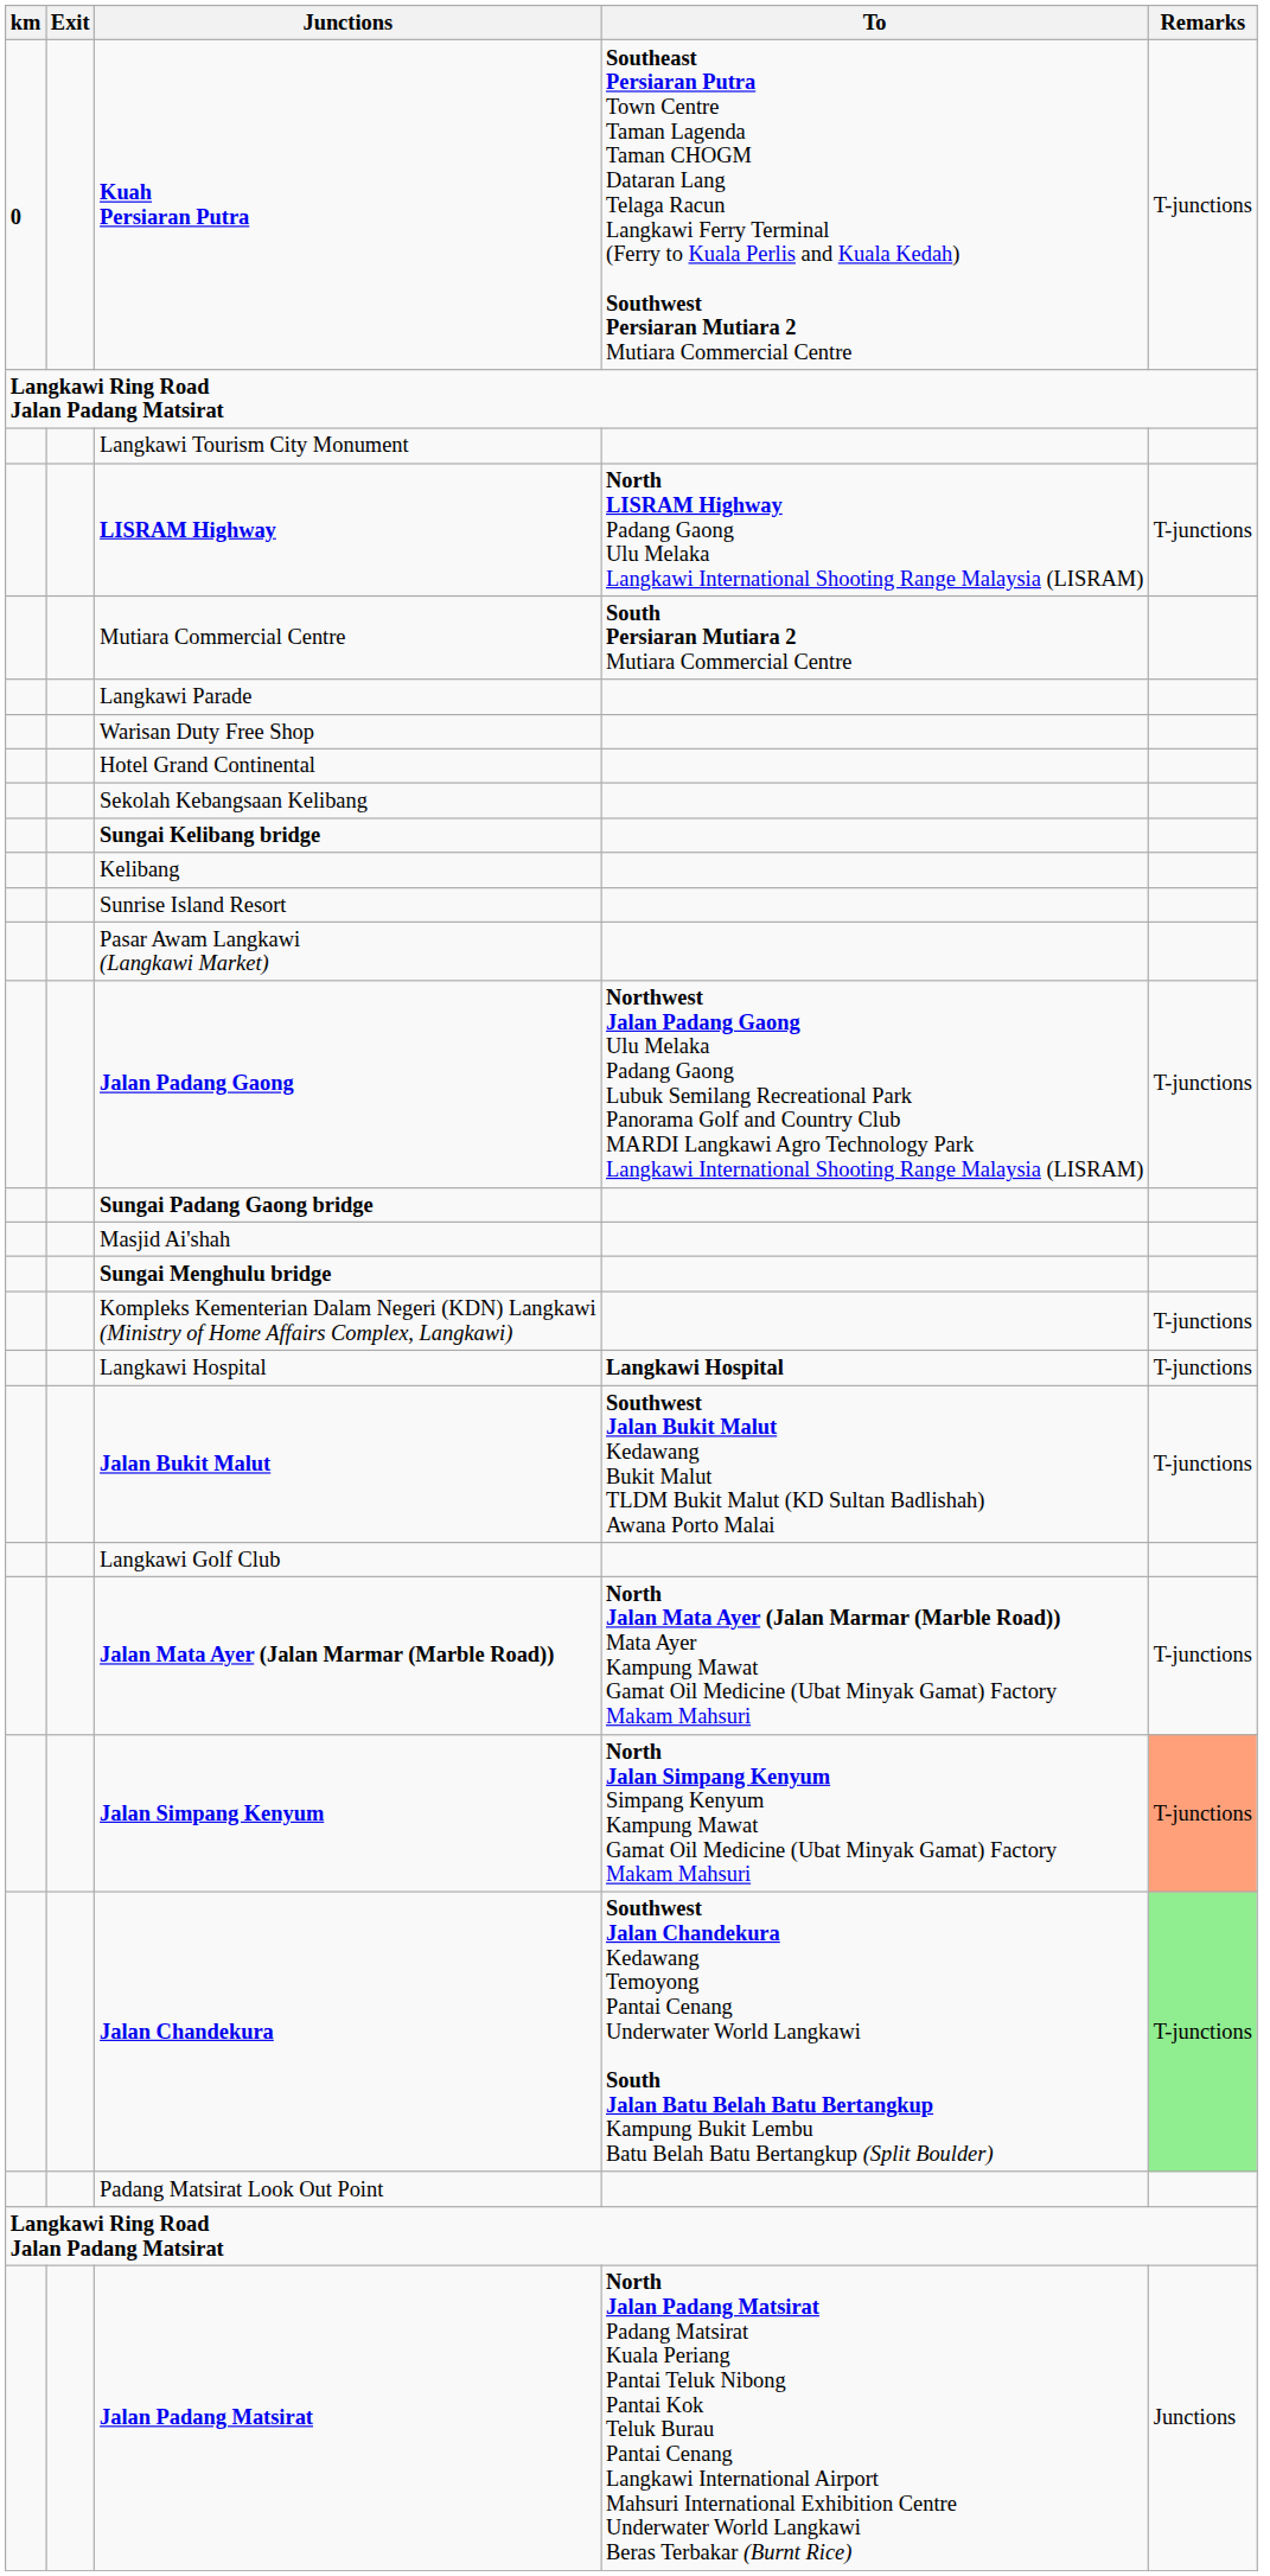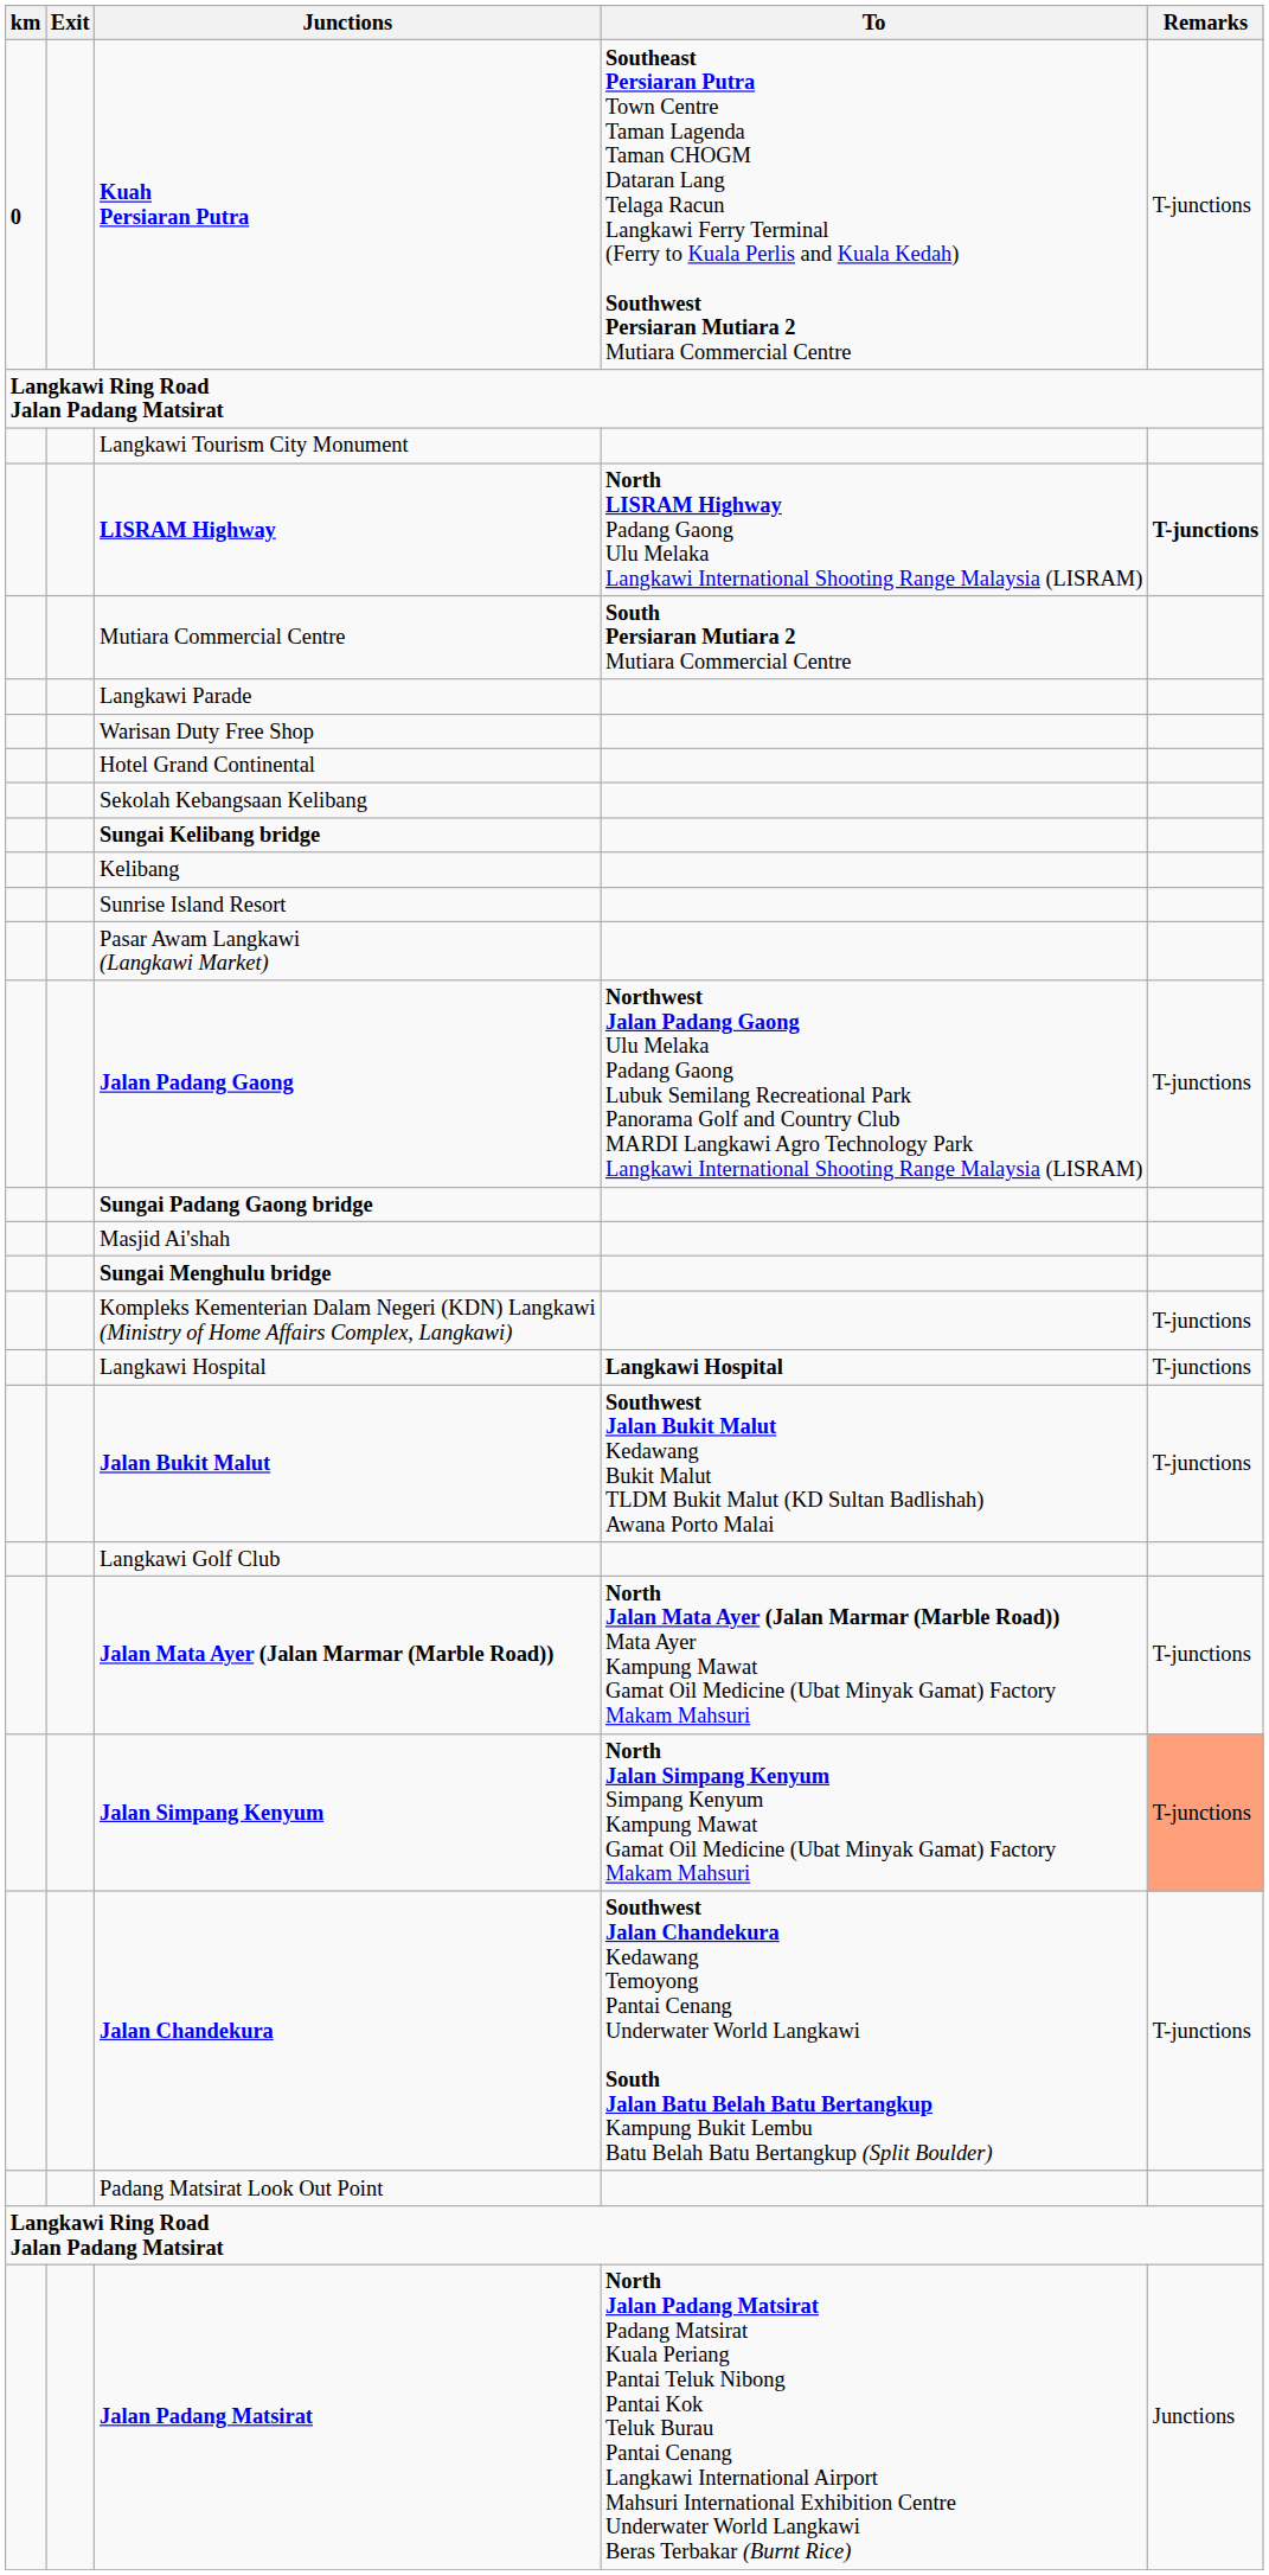 <table class="wikitable">
 <tr>
 <th>km</th>
 <th>Exit</th>
 <th>Junctions</th>
 <th>To</th>
 <th>Remarks</th>
 </tr>
 <tr>
 <td><br><strong>0</strong></td>
 <td></td>
 <td><strong><a href='#'>Kuah</a></strong><br> <strong><a href='#'>Persiaran Putra</a></strong></td>
 <td><strong>Southeast</strong><br> <strong><a href='#'>Persiaran Putra</a></strong><br>Town Centre<br>Taman Lagenda<br>Taman CHOGM<br>Dataran Lang<br>Telaga Racun<br>Langkawi Ferry Terminal <br>(Ferry to <a href='#'>Kuala Perlis</a> and <a href='#'>Kuala Kedah</a>)<br><br><strong>Southwest</strong><br><strong>Persiaran Mutiara 2</strong><br>Mutiara Commercial Centre</td>
 <td>T-junctions</td>
 </tr>
 <tr>
 <td style="width:600px" colspan="6" style="text-align:center; background:blue;"><strong><span> Langkawi Ring Road<br>Jalan Padang Matsirat</span></strong></td>
 </tr>
 <tr>
 <td></td>
 <td></td>
 <td>Langkawi Tourism City Monument</td>
 <td></td>
 <td></td>
 </tr>
 <tr>
 <td></td>
 <td></td>
 <td> <strong><a href='#'>LISRAM Highway</a></strong></td>
 <td><strong>North</strong><br> <strong><a href='#'>LISRAM Highway</a></strong><br>Padang Gaong<br>Ulu Melaka<br><a href='#'>Langkawi International Shooting Range Malaysia</a> (LISRAM)</td>
-<td>T-junctions</td>
+<td><strong>T-junctions</strong></td>
 </tr>
 <tr>
 <td></td>
 <td></td>
 <td>Mutiara Commercial Centre</td>
 <td><strong>South</strong><br><strong>Persiaran Mutiara 2</strong><br>Mutiara Commercial Centre</td>
 <td></td>
 </tr>
 <tr>
 <td></td>
 <td></td>
 <td>Langkawi Parade</td>
 <td></td>
 <td></td>
 </tr>
 <tr>
 <td></td>
 <td></td>
 <td>Warisan Duty Free Shop</td>
 <td></td>
 <td></td>
 </tr>
 <tr>
 <td></td>
 <td></td>
 <td>Hotel Grand Continental</td>
 <td></td>
 <td></td>
 </tr>
 <tr>
 <td></td>
 <td></td>
 <td>Sekolah Kebangsaan Kelibang</td>
 <td></td>
 <td></td>
 </tr>
 <tr>
 <td></td>
 <td></td>
 <td><strong>Sungai Kelibang bridge</strong></td>
 <td></td>
 <td></td>
 </tr>
 <tr>
 <td></td>
 <td></td>
 <td>Kelibang</td>
 <td></td>
 <td></td>
 </tr>
 <tr>
 <td></td>
 <td></td>
 <td>Sunrise Island Resort</td>
 <td></td>
 <td></td>
 </tr>
 <tr>
 <td></td>
 <td></td>
 <td>Pasar Awam Langkawi<br><em>(Langkawi Market)</em></td>
 <td></td>
 <td></td>
 </tr>
 <tr>
 <td></td>
 <td></td>
 <td> <strong><a href='#'>Jalan Padang Gaong</a></strong></td>
 <td><strong>Northwest</strong><br> <strong><a href='#'>Jalan Padang Gaong</a></strong><br> Ulu Melaka<br> Padang Gaong<br>Lubuk Semilang Recreational Park<br>Panorama Golf and Country Club<br>MARDI Langkawi Agro Technology Park<br><a href='#'>Langkawi International Shooting Range Malaysia</a> (LISRAM)</td>
 <td>T-junctions</td>
 </tr>
 <tr>
 <td></td>
 <td></td>
 <td><strong>Sungai Padang Gaong bridge</strong></td>
 <td></td>
 <td></td>
 </tr>
 <tr>
 <td></td>
 <td></td>
 <td>Masjid Ai'shah</td>
 <td></td>
 <td></td>
 </tr>
 <tr>
 <td></td>
 <td></td>
 <td><strong>Sungai Menghulu bridge</strong></td>
 <td></td>
 <td></td>
 </tr>
 <tr>
 <td></td>
 <td></td>
 <td>Kompleks Kementerian Dalam Negeri (KDN) Langkawi<br><em>(Ministry of Home Affairs Complex, Langkawi)</em></td>
 <td></td>
 <td>T-junctions</td>
 </tr>
 <tr>
 <td></td>
 <td></td>
 <td>Langkawi Hospital </td>
 <td><strong>Langkawi Hospital</strong> </td>
 <td>T-junctions</td>
 </tr>
 <tr>
 <td></td>
 <td></td>
 <td> <strong><a href='#'>Jalan Bukit Malut</a></strong></td>
 <td><strong>Southwest</strong><br> <strong><a href='#'>Jalan Bukit Malut</a></strong><br> Kedawang<br> Bukit Malut<br>TLDM Bukit Malut (KD Sultan Badlishah)<br>Awana Porto Malai</td>
 <td>T-junctions</td>
 </tr>
 <tr>
 <td></td>
 <td></td>
 <td>Langkawi Golf Club</td>
 <td></td>
 <td></td>
 </tr>
 <tr>
 <td></td>
 <td></td>
 <td> <strong><a href='#'>Jalan Mata Ayer</a> (Jalan Marmar (Marble Road))</strong></td>
 <td><strong>North</strong><br> <strong><a href='#'>Jalan Mata Ayer</a> (Jalan Marmar (Marble Road))</strong><br> Mata Ayer<br> Kampung Mawat<br>Gamat Oil Medicine (Ubat Minyak Gamat) Factory<br><a href='#'>Makam Mahsuri</a></td>
 <td>T-junctions</td>
 </tr>
 <tr>
 <td></td>
 <td></td>
 <td> <strong><a href='#'>Jalan Simpang Kenyum</a></strong></td>
 <td><strong>North</strong><br> <strong><a href='#'>Jalan Simpang Kenyum</a></strong><br> Simpang Kenyum<br> Kampung Mawat<br>Gamat Oil Medicine (Ubat Minyak Gamat) Factory<br><a href='#'>Makam Mahsuri</a></td>
 <td style="background: lightsalmon;">T-junctions</td>
 </tr>
 <tr>
 <td></td>
 <td></td>
 <td> <strong><a href='#'>Jalan Chandekura</a></strong></td>
 <td><strong>Southwest</strong><br> <strong><a href='#'>Jalan Chandekura</a></strong><br> Kedawang<br> Temoyong<br> Pantai Cenang <br>Underwater World Langkawi<br><br><strong>South</strong><br> <strong><a href='#'>Jalan Batu Belah Batu Bertangkup</a></strong><br>Kampung Bukit Lembu<br>Batu Belah Batu Bertangkup <em>(Split Boulder)</em></td>
-<td style="background: lightgreen;">T-junctions</td>
+<td>T-junctions</td>
 </tr>
 <tr>
 <td></td>
 <td></td>
 <td>  Padang Matsirat Look Out Point</td>
 <td> </td>
 <td></td>
 </tr>
 <tr>
 <td style="width:600px" colspan="6" style="text-align:center; background:blue;"><strong><span> Langkawi Ring Road<br>Jalan Padang Matsirat</span></strong></td>
 </tr>
 <tr>
 <td></td>
 <td></td>
 <td> <strong><a href='#'>Jalan Padang Matsirat</a></strong></td>
 <td><strong>North</strong><br> <strong><a href='#'>Jalan Padang Matsirat</a></strong><br> Padang Matsirat<br> Kuala Periang<br> Pantai Teluk Nibong <br> Pantai Kok <br> Teluk Burau<br> Pantai Cenang <br> Langkawi International Airport <br>Mahsuri International Exhibition Centre<br>Underwater World Langkawi<br>Beras Terbakar <em>(Burnt Rice)</em></td>
 <td>Junctions</td>
 </tr>
 </table>
